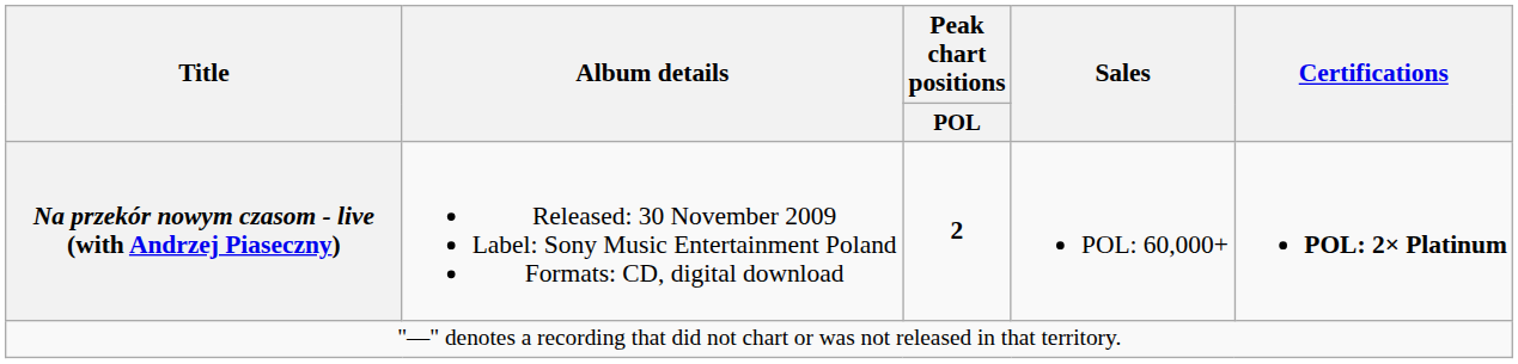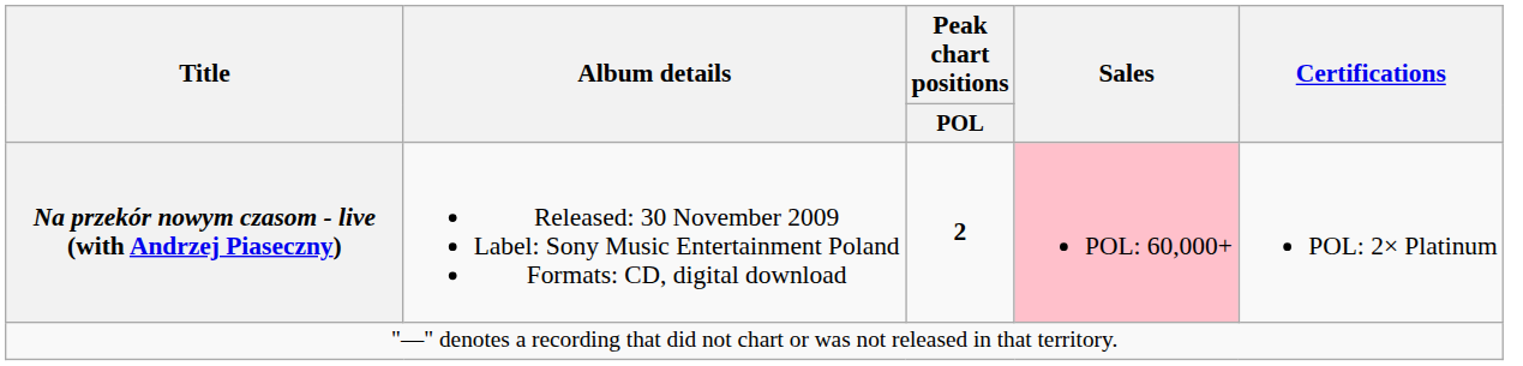 <table class="wikitable plainrowheaders" style="text-align:center;">
 <tr>
 <th scope="col" rowspan="2" style="width:15em;">Title</th>
 <th scope="col" rowspan="2">Album details</th>
 <th scope="col">Peak chart positions</th>
 <th scope="col" rowspan="2">Sales</th>
 <th scope="col" rowspan="2"><a href='#'>Certifications</a></th>
 </tr>
 <tr>
 <th scope="col" style="width:3em;font-size:90%;">POL<br></th>
 </tr>
 <tr>
 <th scope="row"><em>Na przekór nowym czasom - live</em><br>(with <a href='#'>Andrzej Piaseczny</a>)</th>
 <td><br><ul><li>Released: 30 November 2009</li><li>Label: Sony Music Entertainment Poland</li><li>Formats: CD, digital download</li></ul></td>
 <td><strong>2</strong></td>
-<td><br><ul><li>POL: 60,000+</li></ul></td>
-<td><strong><br><ul><li>POL: 2× Platinum</li></ul></strong></td>
+<td style="background: pink;"><br><ul><li>POL: 60,000+</li></ul></td>
+<td><br><ul><li>POL: 2× Platinum</li></ul></td>
 </tr>
 <tr>
 <td colspan="20" style="font-size:90%">"—" denotes a recording that did not chart or was not released in that territory.</td>
 </tr>
 </table>
